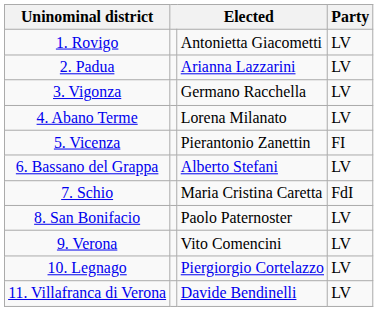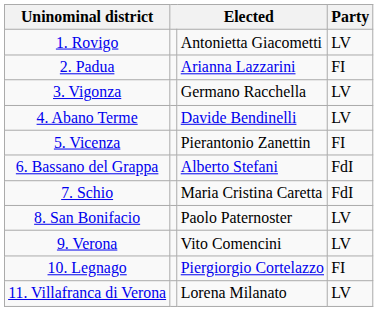 <table class="wikitable">
 <tr>
 <th>Uninominal district</th>
 <th colspan="2">Elected</th>
 <th>Party</th>
 </tr>
 <tr>
 <td align="center"><a href='#'>1. Rovigo</a></td>
 <td></td>
 <td>Antonietta Giacometti</td>
 <td>LV</td>
 </tr>
 <tr>
 <td align="center"><a href='#'>2. Padua</a></td>
 <td></td>
 <td><a href='#'>Arianna Lazzarini</a></td>
-<td>LV</td>
+<td>FI</td>
 </tr>
 <tr>
 <td align="center"><a href='#'>3. Vigonza</a></td>
 <td></td>
 <td>Germano Racchella</td>
 <td>LV</td>
 </tr>
 <tr>
 <td align="center"><a href='#'>4. Abano Terme</a></td>
 <td></td>
-<td>Lorena Milanato</td>
+<td><a href='#'>Davide Bendinelli</a></td>
 <td>LV</td>
 </tr>
 <tr>
 <td align="center"><a href='#'>5. Vicenza</a></td>
 <td></td>
 <td>Pierantonio Zanettin</td>
 <td>FI</td>
 </tr>
 <tr>
 <td align="center"><a href='#'>6. Bassano del Grappa</a></td>
 <td></td>
 <td><a href='#'>Alberto Stefani</a></td>
-<td>LV</td>
+<td>FdI</td>
 </tr>
 <tr>
 <td align="center"><a href='#'>7. Schio</a></td>
 <td></td>
 <td>Maria Cristina Caretta</td>
 <td>FdI</td>
 </tr>
 <tr>
 <td align="center"><a href='#'>8. San Bonifacio</a></td>
 <td></td>
 <td>Paolo Paternoster</td>
 <td>LV</td>
 </tr>
 <tr>
 <td align="center"><a href='#'>9. Verona</a></td>
 <td></td>
 <td>Vito Comencini</td>
 <td>LV</td>
 </tr>
 <tr>
 <td align="center"><a href='#'>10. Legnago</a></td>
 <td></td>
 <td><a href='#'>Piergiorgio Cortelazzo</a></td>
-<td>LV</td>
+<td>FI</td>
 </tr>
 <tr>
 <td align="center"><a href='#'>11. Villafranca di Verona</a></td>
 <td></td>
-<td><a href='#'>Davide Bendinelli</a></td>
+<td>Lorena Milanato</td>
 <td>LV</td>
 </tr>
 </table>
